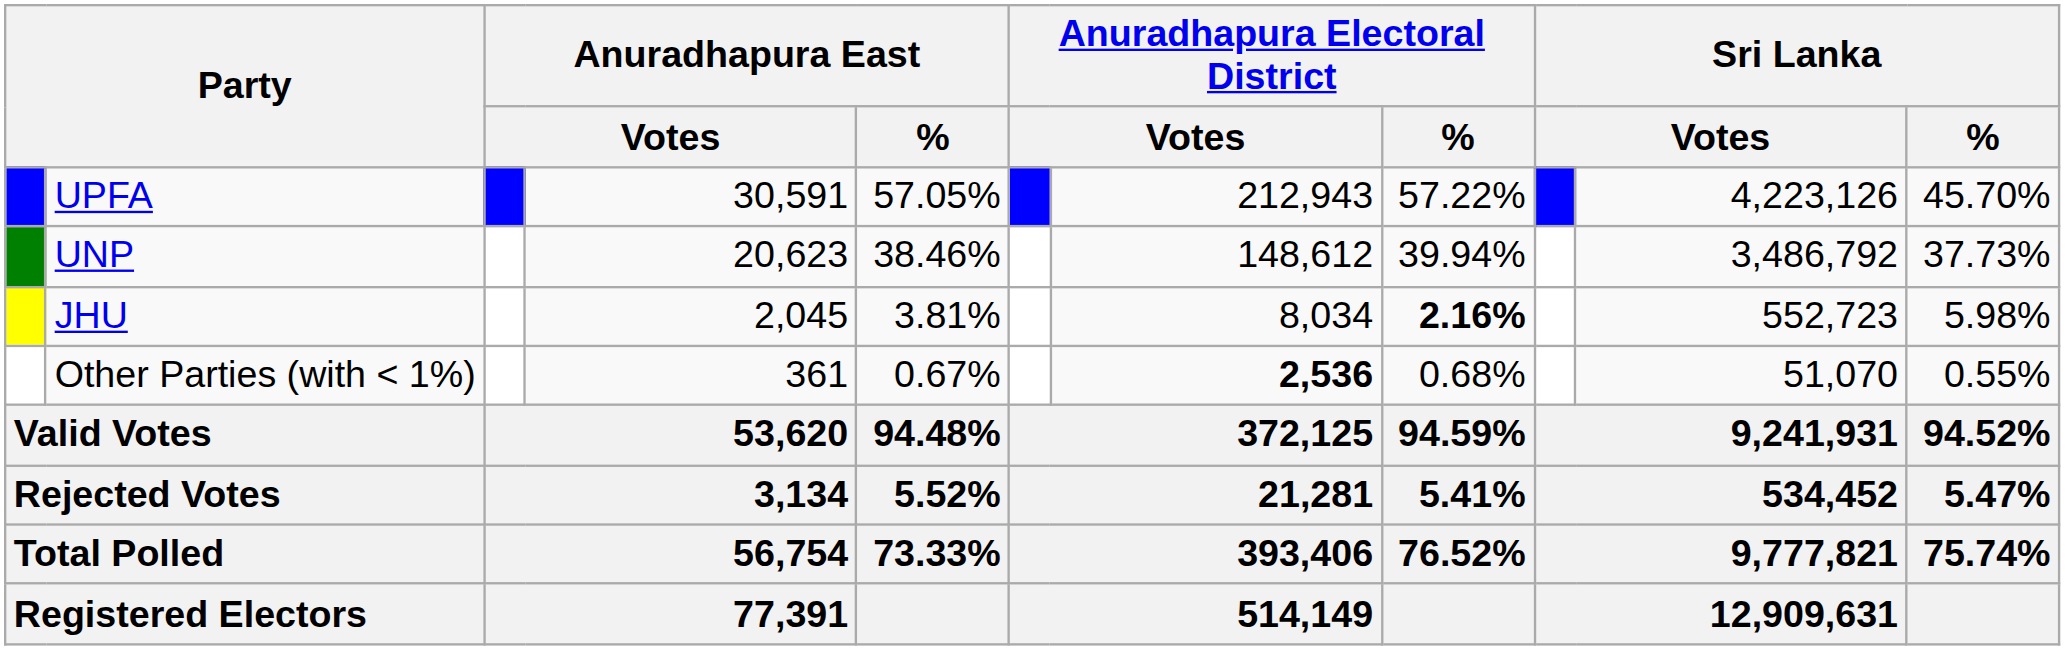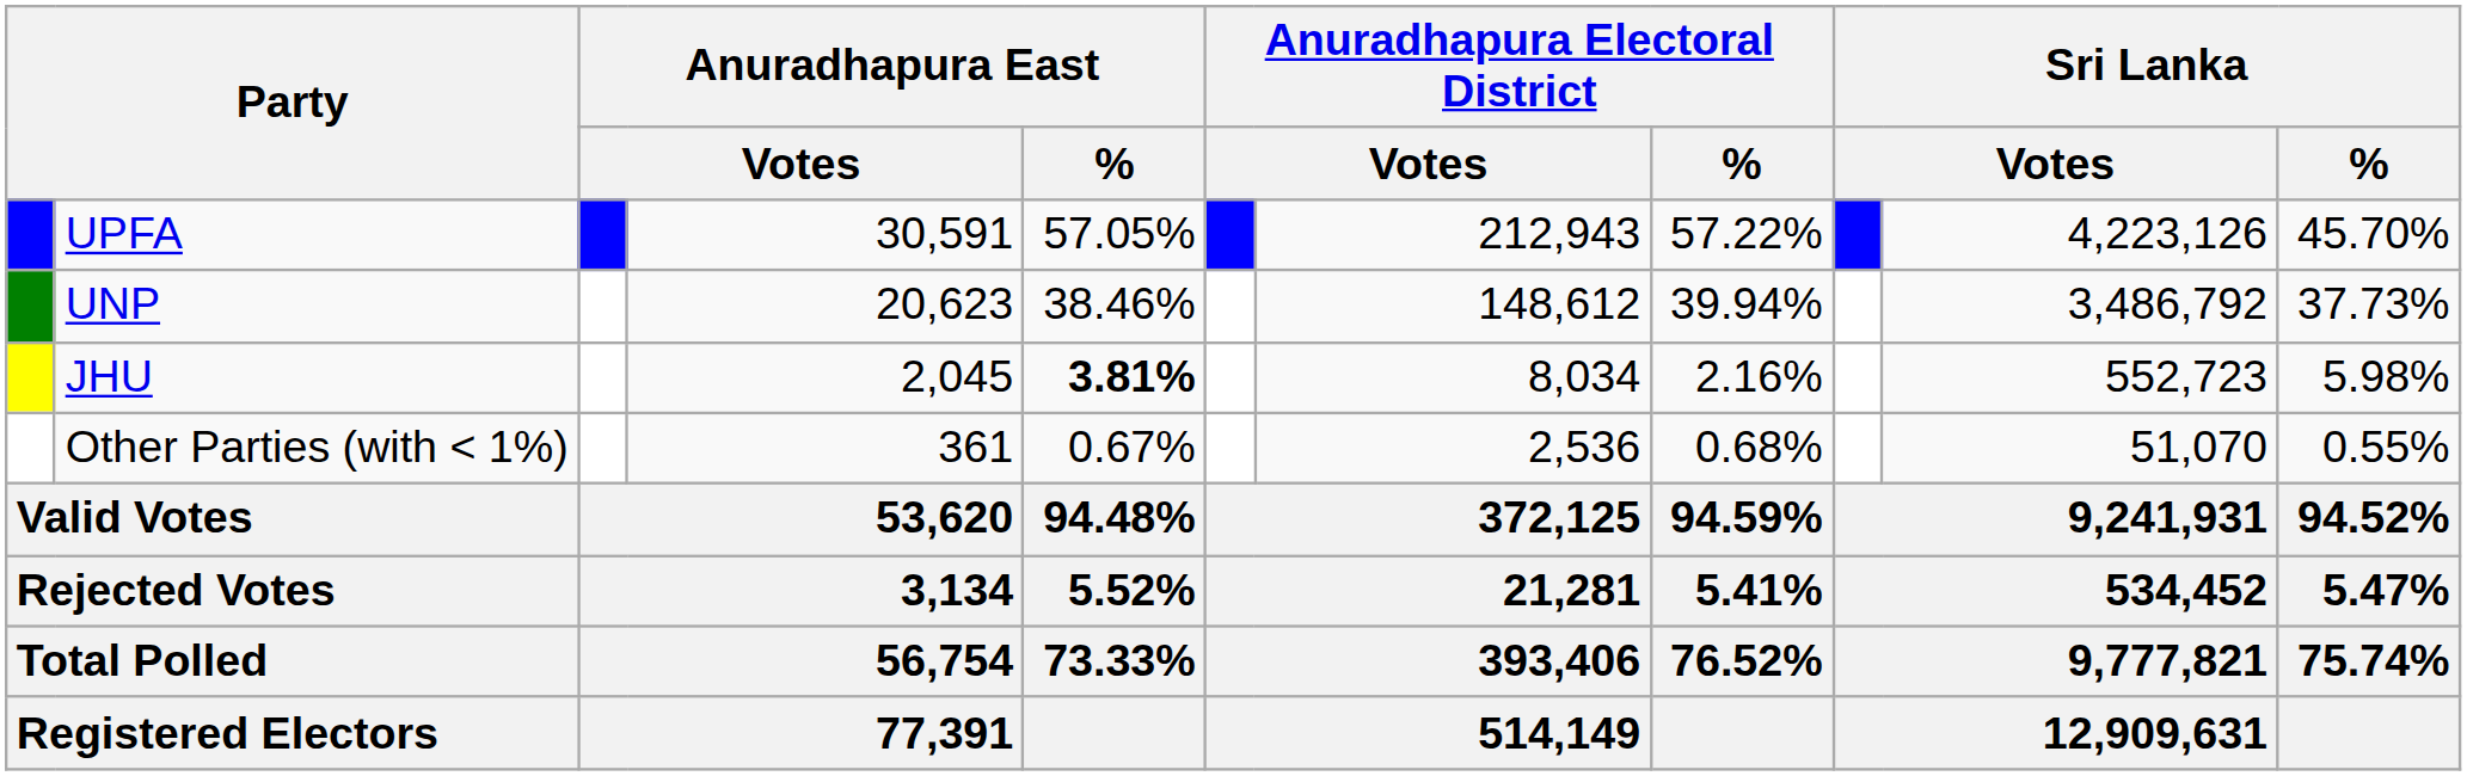 <table class="wikitable">
 <tr>
 <th colspan="2" width="144px"rowspan="2">Party</th>
 <th colspan="3" width="216px">Anuradhapura East</th>
 <th colspan="3" width="216px"><a href='#'>Anuradhapura Electoral District</a></th>
 <th colspan="3" width="216px">Sri Lanka</th>
 </tr>
 <tr>
 <th colspan="2" width="144px">Votes</th>
 <th>%</th>
 <th colspan="2" width="144px">Votes</th>
 <th>%</th>
 <th colspan="2" width="144px">Votes</th>
 <th>%</th>
 </tr>
 <tr>
 <td style="background-color:blue;" width="10px"></td>
 <td style="text-align:left;"><a href='#'>UPFA</a></td>
 <td style="background-color:blue;" width="10px"></td>
 <td style="text-align:right;">30,591</td>
 <td style="text-align:right;">57.05%</td>
 <td style="background-color:blue;" width="10px"></td>
 <td style="text-align:right;">212,943</td>
 <td style="text-align:right;">57.22%</td>
 <td style="background-color:blue;" width="10px"></td>
 <td style="text-align:right;">4,223,126</td>
 <td style="text-align:right;">45.70%</td>
 </tr>
 <tr>
 <td style="background-color:green;" width="10px"></td>
 <td style="text-align:left;"><a href='#'>UNP</a></td>
 <td style="background-color:white;" width="10px"></td>
 <td style="text-align:right;">20,623</td>
 <td style="text-align:right;">38.46%</td>
 <td style="background-color:white;" width="10px"></td>
 <td style="text-align:right;">148,612</td>
 <td style="text-align:right;">39.94%</td>
 <td style="background-color:white;" width="10px"></td>
 <td style="text-align:right;">3,486,792</td>
 <td style="text-align:right;">37.73%</td>
 </tr>
 <tr>
 <td style="background-color:yellow;" width="10px"></td>
 <td style="text-align:left;"><a href='#'>JHU</a></td>
 <td style="background-color:white;" width="10px"></td>
 <td style="text-align:right;">2,045</td>
-<td style="text-align:right;">3.81%</td>
+<td style="text-align:right;"><strong>3.81%</strong></td>
 <td style="background-color:white;" width="10px"></td>
 <td style="text-align:right;">8,034</td>
-<td style="text-align:right;"><strong>2.16%</strong></td>
+<td style="text-align:right;">2.16%</td>
 <td style="background-color:white;" width="10px"></td>
 <td style="text-align:right;">552,723</td>
 <td style="text-align:right;">5.98%</td>
 </tr>
 <tr>
 <td style="background-color:white;" width="10px"></td>
 <td style="text-align:left;">Other Parties (with < 1%)</td>
 <td style="background-color:white;" width="10px"></td>
 <td style="text-align:right;">361</td>
 <td style="text-align:right;">0.67%</td>
 <td style="background-color:white;" width="10px"></td>
-<td style="text-align:right;"><strong>2,536</strong></td>
+<td style="text-align:right;">2,536</td>
 <td style="text-align:right;">0.68%</td>
 <td style="background-color:white;" width="10px"></td>
 <td style="text-align:right;">51,070</td>
 <td style="text-align:right;">0.55%</td>
 </tr>
 <tr>
 <th colspan="2" width="144px"style="text-align:left;">Valid Votes</th>
 <th style="text-align:right;"colspan="2" width="144px">53,620</th>
 <th style="text-align:right;">94.48%</th>
 <th style="text-align:right;"colspan="2" width="144px">372,125</th>
 <th style="text-align:right;">94.59%</th>
 <th style="text-align:right;"colspan="2" width="144px">9,241,931</th>
 <th style="text-align:right;">94.52%</th>
 </tr>
 <tr>
 <th colspan="2" width="144px"style="text-align:left;">Rejected Votes</th>
 <th style="text-align:right;"colspan="2" width="144px">3,134</th>
 <th style="text-align:right;">5.52%</th>
 <th style="text-align:right;"colspan="2" width="144px">21,281</th>
 <th style="text-align:right;">5.41%</th>
 <th style="text-align:right;"colspan="2" width="144px">534,452</th>
 <th style="text-align:right;">5.47%</th>
 </tr>
 <tr>
 <th colspan="2" width="144px"style="text-align:left;">Total Polled</th>
 <th style="text-align:right;"colspan="2" width="144px">56,754</th>
 <th style="text-align:right;">73.33%</th>
 <th style="text-align:right;"colspan="2" width="144px">393,406</th>
 <th style="text-align:right;">76.52%</th>
 <th style="text-align:right;"colspan="2" width="144px">9,777,821</th>
 <th style="text-align:right;">75.74%</th>
 </tr>
 <tr>
 <th colspan="2" width="144px"style="text-align:left;">Registered Electors</th>
 <th style="text-align:right;"colspan="2" width="144px">77,391</th>
 <th></th>
 <th style="text-align:right;"colspan="2" width="144px">514,149</th>
 <th></th>
 <th style="text-align:right;"colspan="2" width="144px">12,909,631</th>
 <th></th>
 </tr>
 </table>
